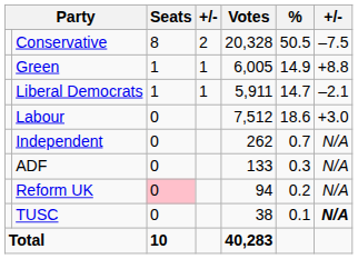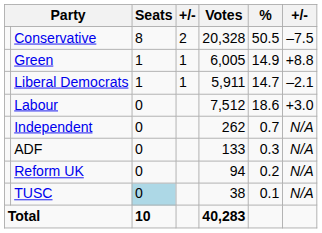 <table class="wikitable sortable">
 <tr>
 <th colspan="2">Party</th>
 <th>Seats</th>
 <th>+/-</th>
 <th>Votes</th>
 <th>%</th>
 <th>+/-</th>
 </tr>
 <tr>
 <td style="background-color: "></td>
 <td><a href='#'>Conservative</a></td>
 <td>8</td>
 <td> 2</td>
 <td style="text-align:right;">20,328</td>
 <td style="text-align:right;">50.5</td>
 <td style="text-align:right;">–7.5</td>
 </tr>
 <tr>
 <td style="background-color: "></td>
 <td><a href='#'>Green</a></td>
 <td>1</td>
 <td> 1</td>
 <td style="text-align:right;">6,005</td>
 <td style="text-align:right;">14.9</td>
 <td style="text-align:right;">+8.8</td>
 </tr>
 <tr>
 <td style="background-color: "></td>
 <td><a href='#'>Liberal Democrats</a></td>
 <td>1</td>
 <td> 1</td>
 <td style="text-align:right;">5,911</td>
 <td style="text-align:right;">14.7</td>
 <td style="text-align:right;">–2.1</td>
 </tr>
 <tr>
 <td style="background-color: "></td>
 <td><a href='#'>Labour</a></td>
 <td>0</td>
 <td></td>
 <td style="text-align:right;">7,512</td>
 <td style="text-align:right;">18.6</td>
 <td style="text-align:right;">+3.0</td>
 </tr>
 <tr>
 <td style="background-color: "></td>
 <td><a href='#'>Independent</a></td>
 <td>0</td>
 <td></td>
 <td style="text-align:right;">262</td>
 <td style="text-align:right;">0.7</td>
 <td style="text-align:right;"><em>N/A</em></td>
 </tr>
 <tr>
 <td style="background-color: "></td>
 <td>ADF</td>
 <td>0</td>
 <td></td>
 <td style="text-align:right;">133</td>
 <td style="text-align:right;">0.3</td>
 <td style="text-align:right;"><em>N/A</em></td>
 </tr>
 <tr>
 <td style="background-color: "></td>
 <td><a href='#'>Reform UK</a></td>
-<td style="background: pink;">0</td>
+<td>0</td>
 <td></td>
 <td style="text-align:right;">94</td>
 <td style="text-align:right;">0.2</td>
 <td style="text-align:right;"><em>N/A</em></td>
 </tr>
 <tr>
 <td style="background-color: "></td>
 <td><a href='#'>TUSC</a></td>
-<td>0</td>
+<td style="background: lightblue;">0</td>
 <td></td>
 <td style="text-align:right;">38</td>
 <td style="text-align:right;">0.1</td>
-<td style="text-align:right;"><strong><em>N/A</em></strong></td>
+<td style="text-align:right;"><em>N/A</em></td>
 </tr>
 <tr>
 <td colspan="2"><strong>Total</strong></td>
 <td><strong>10</strong></td>
 <td></td>
 <td style="text-align:right;"><strong>40,283</strong></td>
 <td style="text-align:right;"></td>
 <td style="text-align:right;"></td>
 </tr>
 </table>
